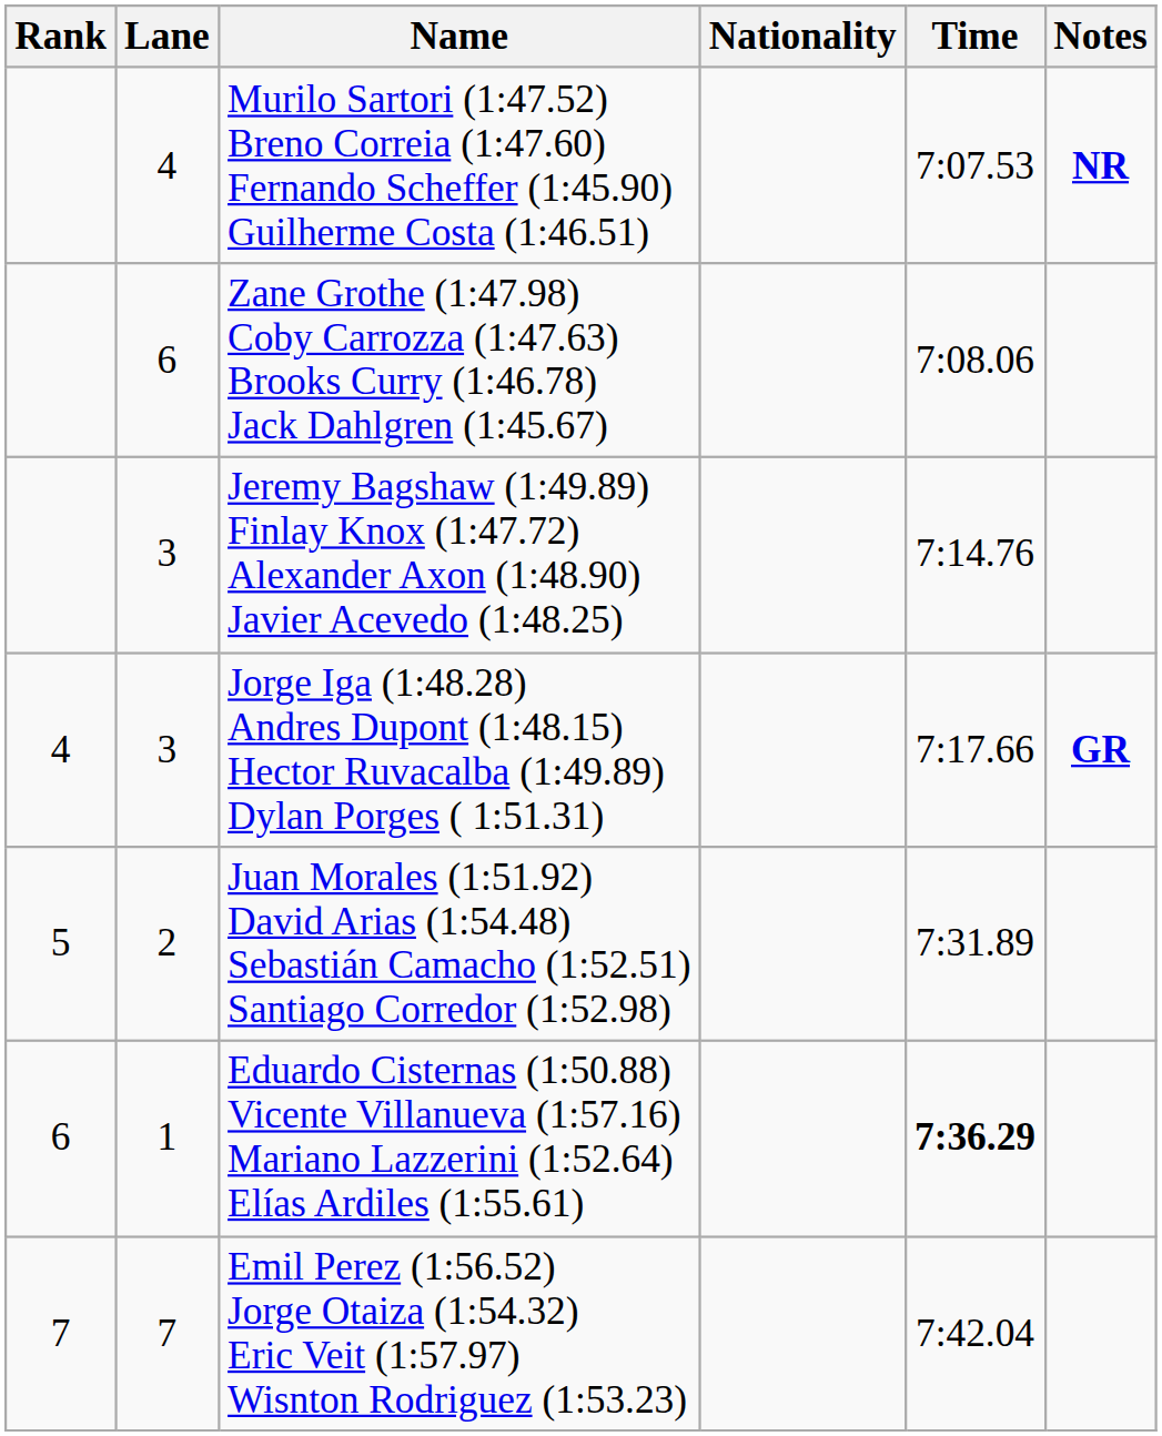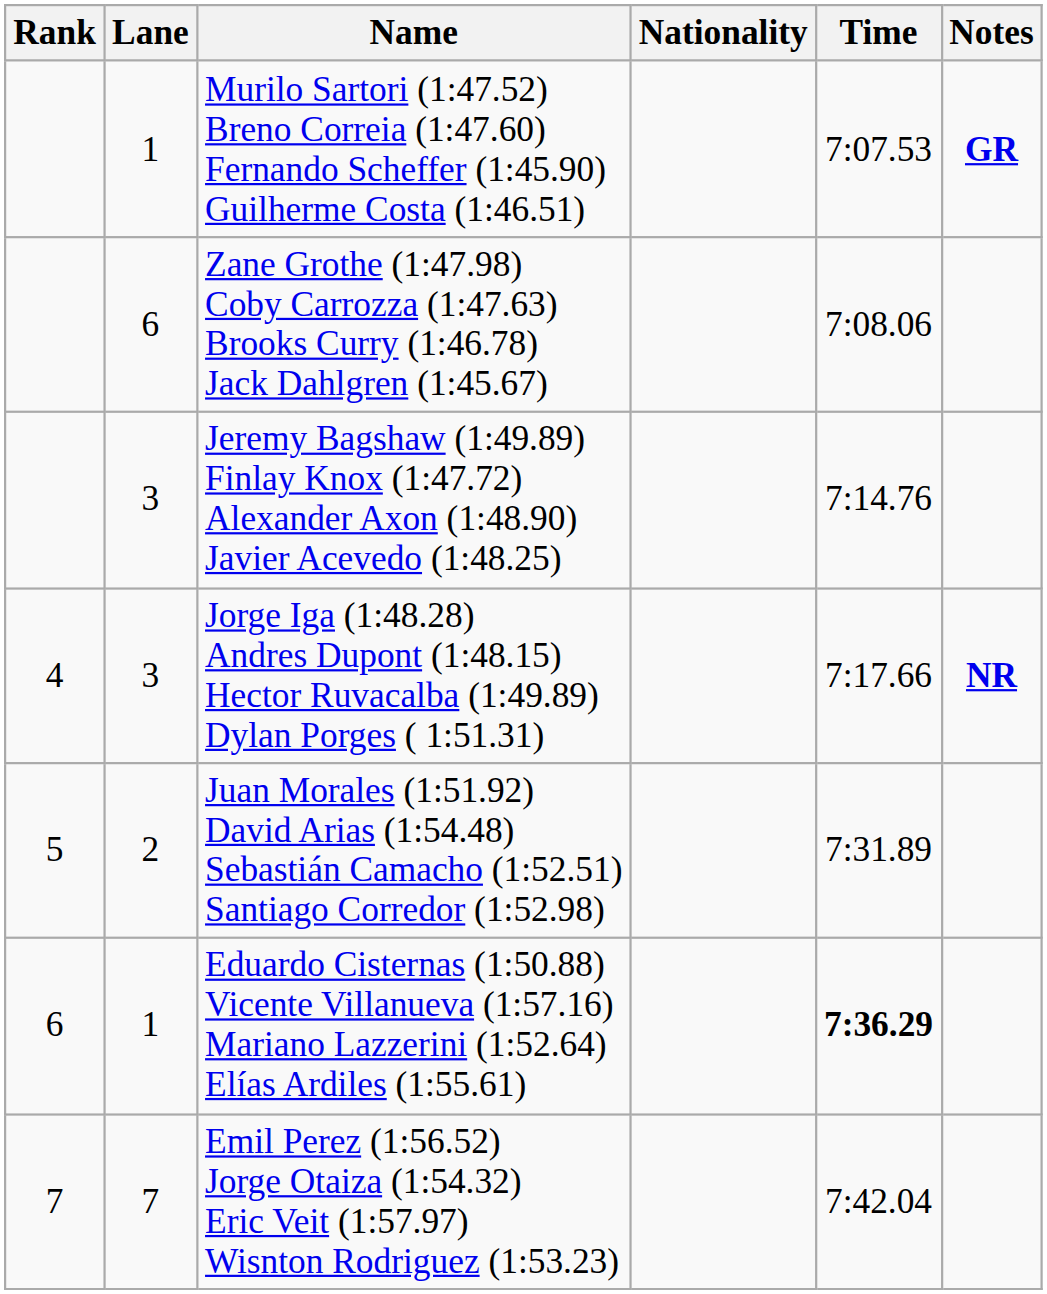 <table class="wikitable sortable" style="text-align:center">
 <tr>
 <th>Rank</th>
 <th>Lane</th>
 <th>Name</th>
 <th>Nationality</th>
 <th>Time</th>
 <th>Notes</th>
 </tr>
 <tr>
 <td></td>
-<td>4</td>
+<td>1</td>
 <td align=left><a href='#'>Murilo Sartori</a> (1:47.52)<br><a href='#'>Breno Correia</a> (1:47.60)<br><a href='#'>Fernando Scheffer</a> (1:45.90)<br><a href='#'>Guilherme Costa</a> (1:46.51)</td>
 <td align=left></td>
 <td>7:07.53</td>
-<td><strong><a href='#'>NR</a></strong></td>
+<td><strong><a href='#'>GR</a></strong></td>
 </tr>
 <tr>
 <td></td>
 <td>6</td>
 <td align=left><a href='#'>Zane Grothe</a> (1:47.98)<br><a href='#'>Coby Carrozza</a> (1:47.63)<br><a href='#'>Brooks Curry</a> (1:46.78)<br><a href='#'>Jack Dahlgren</a> (1:45.67)</td>
 <td align=left></td>
 <td>7:08.06</td>
 <td></td>
 </tr>
 <tr>
 <td></td>
 <td>3</td>
 <td align=left><a href='#'>Jeremy Bagshaw</a> (1:49.89)<br><a href='#'>Finlay Knox</a> (1:47.72)<br><a href='#'>Alexander Axon</a> (1:48.90)<br><a href='#'>Javier Acevedo</a> (1:48.25)</td>
 <td align=left></td>
 <td>7:14.76</td>
 <td></td>
 </tr>
 <tr>
 <td>4</td>
 <td>3</td>
 <td align=left><a href='#'>Jorge Iga</a> (1:48.28)<br><a href='#'>Andres Dupont</a> (1:48.15)<br><a href='#'>Hector Ruvacalba</a> (1:49.89)<br><a href='#'>Dylan Porges</a> ( 1:51.31)</td>
 <td align=left></td>
 <td>7:17.66</td>
-<td><strong><a href='#'>GR</a></strong></td>
+<td><strong><a href='#'>NR</a></strong></td>
 </tr>
 <tr>
 <td>5</td>
 <td>2</td>
 <td align=left><a href='#'>Juan Morales</a> (1:51.92)<br><a href='#'>David Arias</a> (1:54.48)<br><a href='#'>Sebastián Camacho</a> (1:52.51)<br><a href='#'>Santiago Corredor</a> (1:52.98)</td>
 <td align=left></td>
 <td>7:31.89</td>
 <td></td>
 </tr>
 <tr>
 <td>6</td>
 <td>1</td>
 <td align=left><a href='#'>Eduardo Cisternas</a> (1:50.88)<br><a href='#'>Vicente Villanueva</a> (1:57.16)<br><a href='#'>Mariano Lazzerini</a> (1:52.64)<br><a href='#'>Elías Ardiles</a> (1:55.61)</td>
 <td align=left></td>
 <td><strong>7:36.29</strong></td>
 <td></td>
 </tr>
 <tr>
 <td>7</td>
 <td>7</td>
 <td align=left><a href='#'>Emil Perez</a> (1:56.52)<br><a href='#'>Jorge Otaiza</a> (1:54.32)<br><a href='#'>Eric Veit</a> (1:57.97)<br><a href='#'>Wisnton Rodriguez</a> (1:53.23)</td>
 <td align=left></td>
 <td>7:42.04</td>
 <td></td>
 </tr>
 </table>
